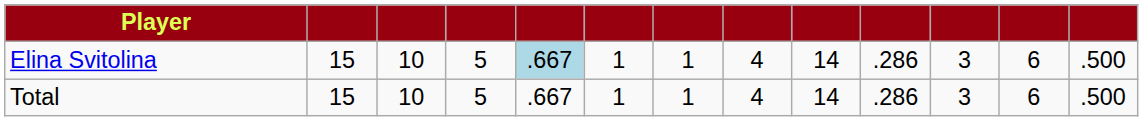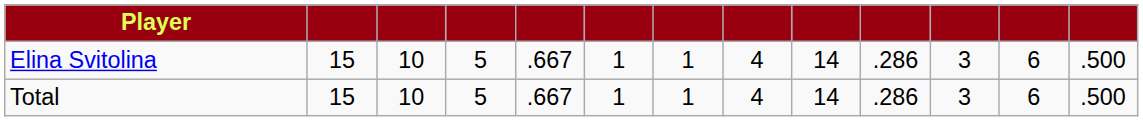 <table class="wikitable" style="text-align:center">
 <tr>
 <th style="background:#98000F; color:#DDFF55" width="200px">Player</th>
 <th style="background:#98000F; color:#DDFF55" width="40px"></th>
 <th style="background:#98000F; color:#DDFF55" width="40px"></th>
 <th style="background:#98000F; color:#DDFF55" width="40px"></th>
 <th style="background:#98000F; color:#DDFF55" width="40px"></th>
 <th style="background:#98000F; color:#DDFF55" width="40px"></th>
 <th style="background:#98000F; color:#DDFF55" width="40px"></th>
 <th style="background:#98000F; color:#DDFF55" width="40px"></th>
 <th style="background:#98000F; color:#DDFF55" width="40px"></th>
 <th style="background:#98000F; color:#DDFF55" width="40px"></th>
 <th style="background:#98000F; color:#DDFF55" width="40px"></th>
 <th style="background:#98000F; color:#DDFF55" width="40px"></th>
 <th style="background:#98000F; color:#DDFF55" width="40px"></th>
 </tr>
 <tr>
 <td style="text-align:left"><a href='#'>Elina Svitolina</a></td>
 <td>15</td>
 <td>10</td>
 <td>5</td>
-<td style="background: lightblue;">.667</td>
+<td>.667</td>
 <td>1</td>
 <td>1</td>
 <td>4</td>
 <td>14</td>
 <td>.286</td>
 <td>3</td>
 <td>6</td>
 <td>.500</td>
 </tr>
 <tr>
 <td style="text-align:left">Total</td>
 <td>15</td>
 <td>10</td>
 <td>5</td>
 <td>.667</td>
 <td>1</td>
 <td>1</td>
 <td>4</td>
 <td>14</td>
 <td>.286</td>
 <td>3</td>
 <td>6</td>
 <td>.500</td>
 </tr>
 </table>
